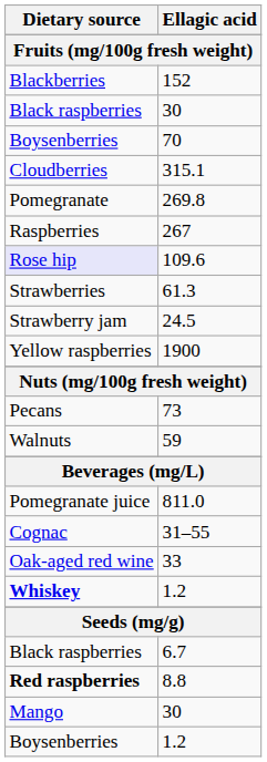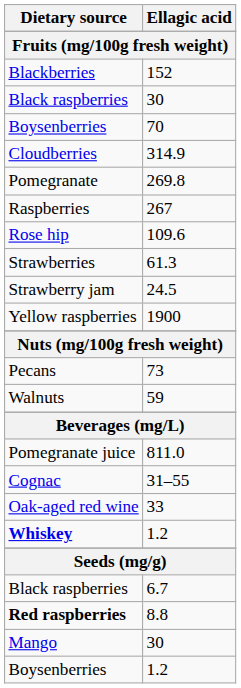 <table class="wikitable">
 <tr>
 <th>Dietary source</th>
 <th>Ellagic acid</th>
 </tr>
 <tr>
 </tr>
 <tr>
 <th colspan="2">Fruits (mg/100g fresh weight)</th>
 </tr>
 <tr>
 <td><a href='#'>Blackberries</a></td>
 <td>152</td>
 </tr>
 <tr>
 <td><a href='#'>Black raspberries</a></td>
 <td>30</td>
 </tr>
 <tr>
 <td><a href='#'>Boysenberries</a></td>
 <td>70</td>
 </tr>
 <tr>
 <td><a href='#'>Cloudberries</a></td>
-<td>315.1</td>
+<td>314.9</td>
 </tr>
 <tr>
 <td>Pomegranate</td>
 <td>269.8</td>
 </tr>
 <tr>
 <td>Raspberries</td>
 <td>267</td>
 </tr>
 <tr>
-<td style="background: lavender;"><a href='#'>Rose hip</a></td>
+<td><a href='#'>Rose hip</a></td>
 <td>109.6</td>
 </tr>
 <tr>
 <td>Strawberries</td>
 <td>61.3</td>
 </tr>
 <tr>
 <td>Strawberry jam</td>
 <td>24.5</td>
 </tr>
 <tr>
 <td>Yellow raspberries</td>
 <td>1900</td>
 </tr>
 <tr>
 </tr>
 <tr>
 <th colspan="2">Nuts (mg/100g fresh weight)</th>
 </tr>
 <tr>
 <td>Pecans</td>
 <td>73</td>
 </tr>
 <tr>
 <td>Walnuts</td>
 <td>59</td>
 </tr>
 <tr>
 </tr>
 <tr>
 <th colspan="2">Beverages (mg/L)</th>
 </tr>
 <tr>
 <td>Pomegranate juice</td>
 <td>811.0</td>
 </tr>
 <tr>
 <td><a href='#'>Cognac</a></td>
 <td>31–55</td>
 </tr>
 <tr>
 <td><a href='#'>Oak-aged red wine</a></td>
 <td>33</td>
 </tr>
 <tr>
 <td><strong><a href='#'>Whiskey</a></strong></td>
 <td>1.2</td>
 </tr>
 <tr>
 </tr>
 <tr>
 <th colspan="2">Seeds (mg/g)</th>
 </tr>
 <tr>
 <td>Black raspberries</td>
 <td>6.7</td>
 </tr>
 <tr>
 <td><strong>Red raspberries</strong></td>
 <td>8.8</td>
 </tr>
 <tr>
 <td><a href='#'>Mango</a></td>
 <td>30</td>
 </tr>
 <tr>
 <td>Boysenberries</td>
 <td>1.2</td>
 </tr>
 </table>
